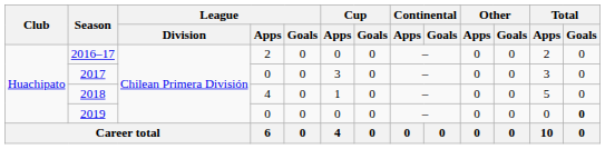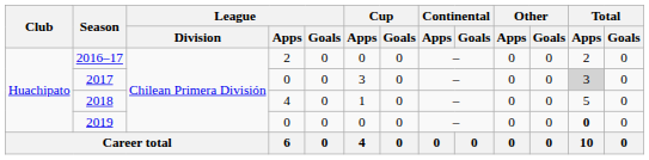 <table class="wikitable" style="text-align: center">
 <tr>
 <th rowspan="2">Club</th>
 <th rowspan="2">Season</th>
 <th colspan="3">League</th>
 <th colspan="2">Cup</th>
 <th colspan="2">Continental</th>
 <th colspan="2">Other</th>
 <th colspan="2">Total</th>
 </tr>
 <tr>
 <th>Division</th>
 <th>Apps</th>
 <th>Goals</th>
 <th>Apps</th>
 <th>Goals</th>
 <th>Apps</th>
 <th>Goals</th>
 <th>Apps</th>
 <th>Goals</th>
 <th>Apps</th>
 <th>Goals</th>
 </tr>
 <tr>
 <td rowspan="4"><a href='#'>Huachipato</a></td>
 <td><a href='#'>2016–17</a></td>
 <td rowspan="4"><a href='#'>Chilean Primera División</a></td>
 <td>2</td>
 <td>0</td>
 <td>0</td>
 <td>0</td>
 <td colspan="2">–</td>
 <td>0</td>
 <td>0</td>
 <td>2</td>
 <td>0</td>
 </tr>
 <tr>
 <td><a href='#'>2017</a></td>
 <td>0</td>
 <td>0</td>
 <td>3</td>
 <td>0</td>
 <td colspan="2">–</td>
 <td>0</td>
 <td>0</td>
-<td>3</td>
+<td style="background: lightgrey;">3</td>
 <td>0</td>
 </tr>
 <tr>
 <td><a href='#'>2018</a></td>
 <td>4</td>
 <td>0</td>
 <td>1</td>
 <td>0</td>
 <td colspan="2">–</td>
 <td>0</td>
 <td>0</td>
 <td>5</td>
 <td>0</td>
 </tr>
 <tr>
 <td><a href='#'>2019</a></td>
 <td>0</td>
 <td>0</td>
 <td>0</td>
 <td>0</td>
 <td colspan="2">–</td>
 <td>0</td>
 <td>0</td>
+<td><strong>0</strong></td>
 <td>0</td>
-<td><strong>0</strong></td>
 </tr>
 <tr>
 <th colspan="3"><strong>Career total</strong></th>
 <th>6</th>
 <th>0</th>
 <th>4</th>
 <th>0</th>
 <th>0</th>
 <th>0</th>
 <th>0</th>
 <th>0</th>
 <th>10</th>
 <th>0</th>
 </tr>
 </table>
